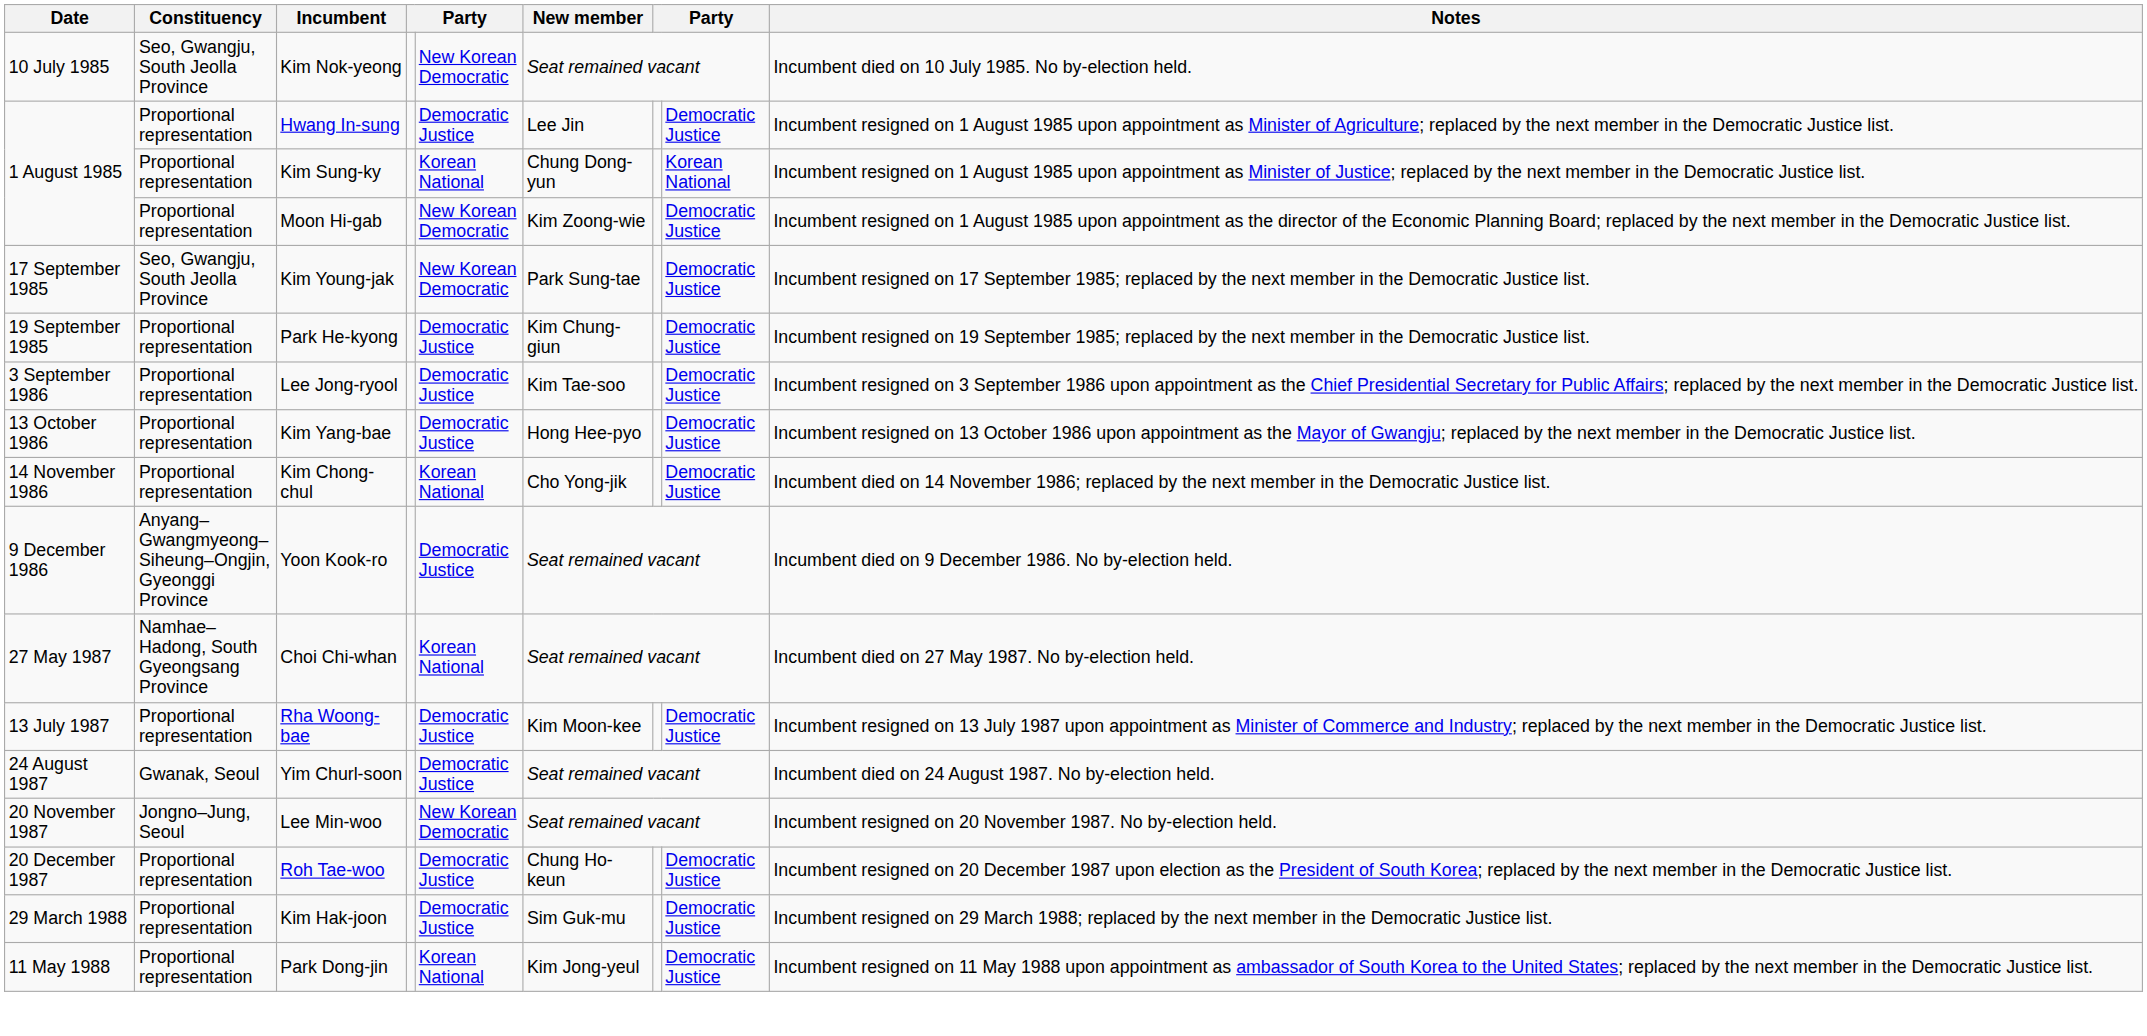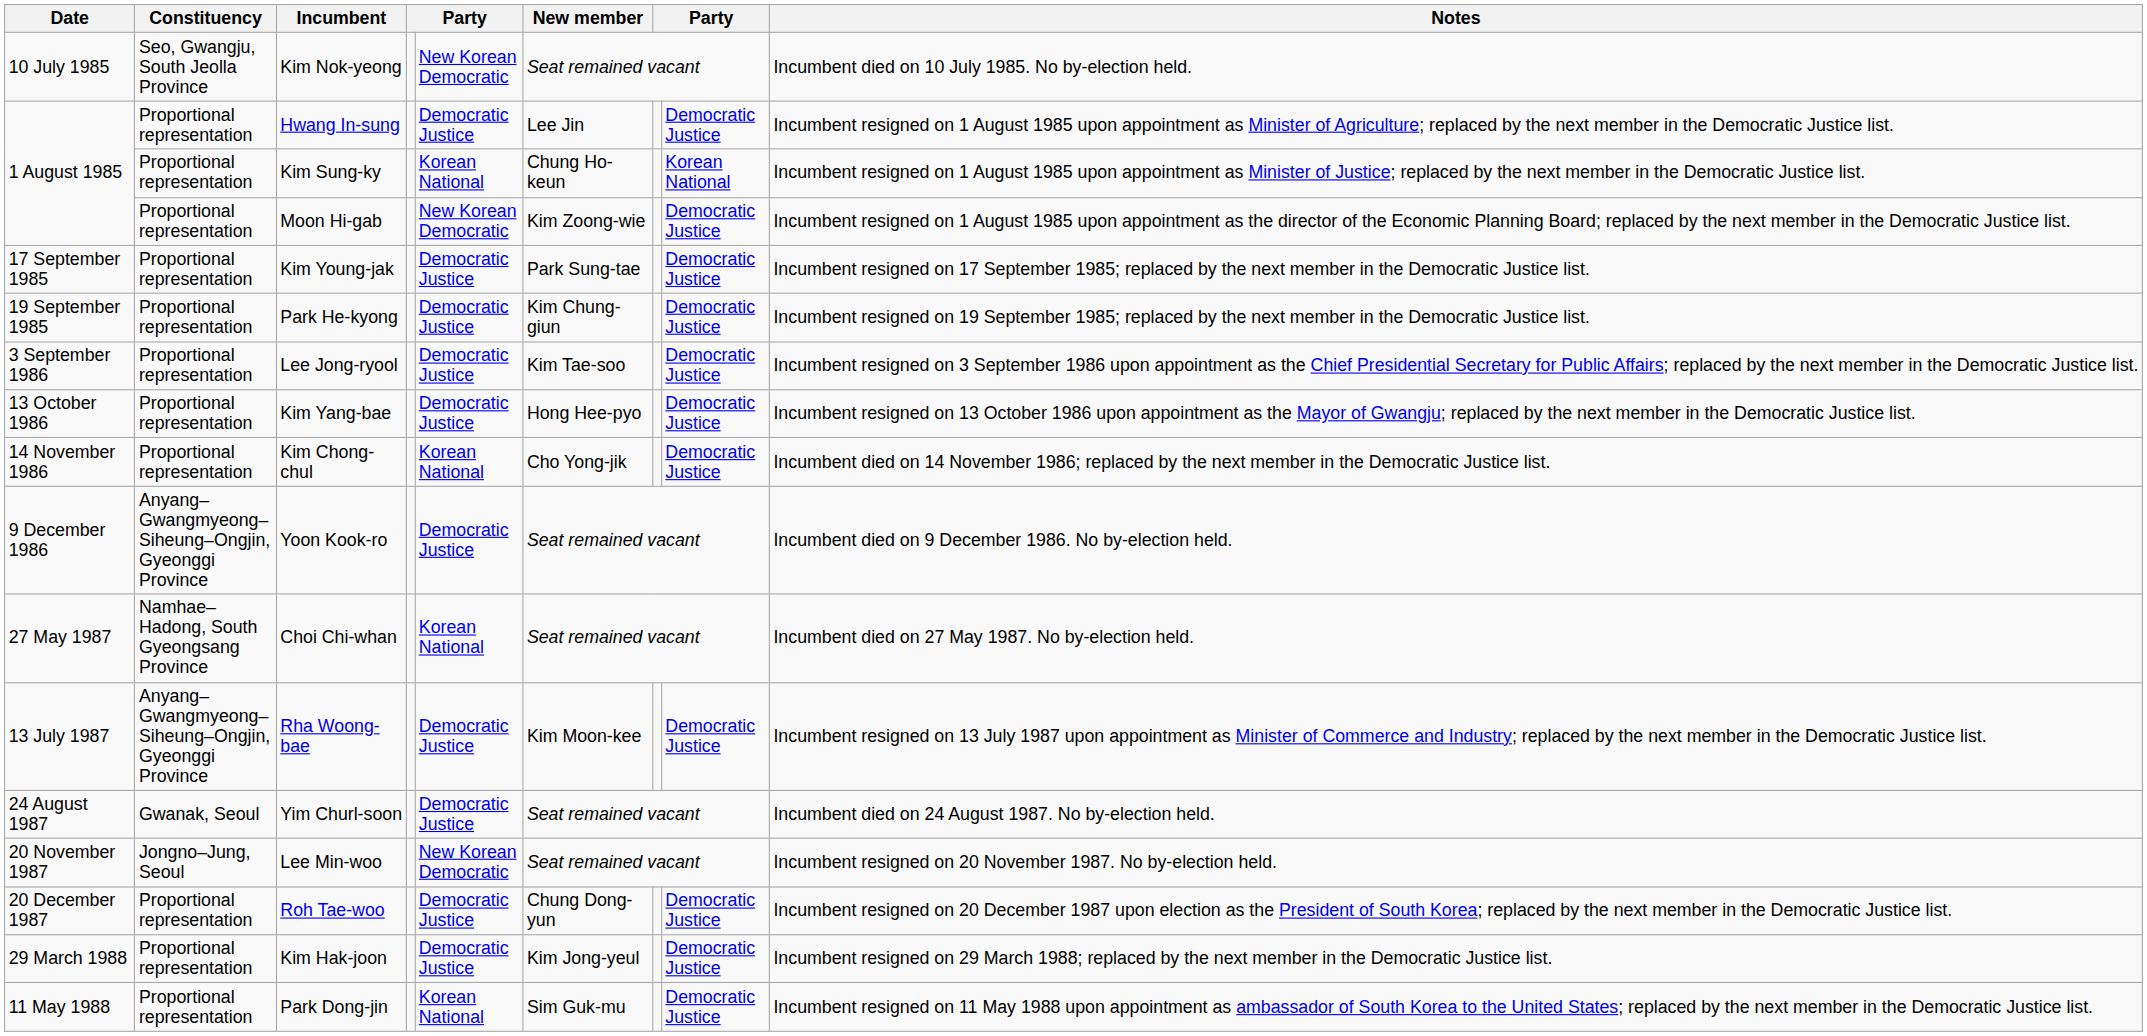 <table class="wikitable sortable plainrowheaders">
 <tr>
 <th width="110px">Date</th>
 <th width="120px">Constituency</th>
 <th width="110px">Incumbent</th>
 <th colspan="2">Party</th>
 <th width="110px">New member</th>
 <th colspan="2">Party</th>
 <th class="unsortable">Notes</th>
 </tr>
 <tr>
 <td>10 July 1985</td>
 <td>Seo, Gwangju, South Jeolla Province</td>
 <td>Kim Nok-yeong</td>
 <td></td>
 <td width="90px"><a href='#'>New Korean Democratic</a></td>
 <td colspan="3"><em>Seat remained vacant</em></td>
 <td>Incumbent died on 10 July 1985. No by-election held.</td>
 </tr>
 <tr>
 <td rowspan="3">1 August 1985</td>
 <td>Proportional representation</td>
 <td><a href='#'>Hwang In-sung</a></td>
 <td></td>
 <td><a href='#'>Democratic Justice</a></td>
 <td>Lee Jin</td>
 <td></td>
 <td width="90px"><a href='#'>Democratic Justice</a></td>
 <td>Incumbent resigned on 1 August 1985 upon appointment as <a href='#'>Minister of Agriculture</a>; replaced by the next member in the Democratic Justice list.</td>
 </tr>
 <tr>
 <td>Proportional representation</td>
 <td>Kim Sung-ky</td>
 <td></td>
 <td><a href='#'>Korean National</a></td>
-<td>Chung Dong-yun</td>
+<td>Chung Ho-keun</td>
 <td></td>
 <td><a href='#'>Korean National</a></td>
 <td>Incumbent resigned on 1 August 1985 upon appointment as <a href='#'>Minister of Justice</a>; replaced by the next member in the Democratic Justice list.</td>
 </tr>
 <tr>
 <td>Proportional representation</td>
 <td>Moon Hi-gab</td>
 <td></td>
 <td width="90px"><a href='#'>New Korean Democratic</a></td>
 <td>Kim Zoong-wie</td>
 <td></td>
 <td><a href='#'>Democratic Justice</a></td>
 <td>Incumbent resigned on 1 August 1985 upon appointment as the director of the Economic Planning Board; replaced by the next member in the Democratic Justice list.</td>
 </tr>
 <tr>
 <td>17 September 1985</td>
-<td>Seo, Gwangju, South Jeolla Province</td>
+<td>Proportional representation</td>
 <td>Kim Young-jak</td>
 <td></td>
-<td width="90px"><a href='#'>New Korean Democratic</a></td>
+<td><a href='#'>Democratic Justice</a></td>
 <td>Park Sung-tae</td>
 <td></td>
 <td><a href='#'>Democratic Justice</a></td>
 <td>Incumbent resigned on 17 September 1985; replaced by the next member in the Democratic Justice list.</td>
 </tr>
 <tr>
 <td>19 September 1985</td>
 <td>Proportional representation</td>
 <td>Park He-kyong</td>
 <td></td>
 <td><a href='#'>Democratic Justice</a></td>
 <td>Kim Chung-giun</td>
 <td></td>
 <td><a href='#'>Democratic Justice</a></td>
 <td>Incumbent resigned on 19 September 1985; replaced by the next member in the Democratic Justice list.</td>
 </tr>
 <tr>
 <td>3 September 1986</td>
 <td>Proportional representation</td>
 <td>Lee Jong-ryool</td>
 <td></td>
 <td><a href='#'>Democratic Justice</a></td>
 <td>Kim Tae-soo</td>
 <td></td>
 <td><a href='#'>Democratic Justice</a></td>
 <td>Incumbent resigned on 3 September 1986 upon appointment as the <a href='#'>Chief Presidential Secretary for Public Affairs</a>; replaced by the next member in the Democratic Justice list.</td>
 </tr>
 <tr>
 <td>13 October 1986</td>
 <td>Proportional representation</td>
 <td>Kim Yang-bae</td>
 <td></td>
 <td><a href='#'>Democratic Justice</a></td>
 <td>Hong Hee-pyo</td>
 <td></td>
 <td><a href='#'>Democratic Justice</a></td>
 <td>Incumbent resigned on 13 October 1986 upon appointment as the <a href='#'>Mayor of Gwangju</a>; replaced by the next member in the Democratic Justice list.</td>
 </tr>
 <tr>
 <td>14 November 1986</td>
 <td>Proportional representation</td>
 <td>Kim Chong-chul</td>
 <td></td>
 <td><a href='#'>Korean National</a></td>
 <td>Cho Yong-jik</td>
 <td></td>
 <td><a href='#'>Democratic Justice</a></td>
 <td>Incumbent died on 14 November 1986; replaced by the next member in the Democratic Justice list.</td>
 </tr>
 <tr>
 <td>9 December 1986</td>
 <td>Anyang–Gwangmyeong–Siheung–Ongjin, Gyeonggi Province</td>
 <td>Yoon Kook-ro</td>
 <td></td>
 <td><a href='#'>Democratic Justice</a></td>
 <td colspan="3"><em>Seat remained vacant</em></td>
 <td>Incumbent died on 9 December 1986. No by-election held.</td>
 </tr>
 <tr>
 <td>27 May 1987</td>
 <td>Namhae–Hadong, South Gyeongsang Province</td>
 <td>Choi Chi-whan</td>
 <td></td>
 <td><a href='#'>Korean National</a></td>
 <td colspan="3"><em>Seat remained vacant</em></td>
 <td>Incumbent died on 27 May 1987. No by-election held.</td>
 </tr>
 <tr>
 <td>13 July 1987</td>
-<td>Proportional representation</td>
+<td>Anyang–Gwangmyeong–Siheung–Ongjin, Gyeonggi Province</td>
 <td><a href='#'>Rha Woong-bae</a></td>
 <td></td>
 <td><a href='#'>Democratic Justice</a></td>
 <td>Kim Moon-kee</td>
 <td></td>
 <td><a href='#'>Democratic Justice</a></td>
 <td>Incumbent resigned on 13 July 1987 upon appointment as <a href='#'>Minister of Commerce and Industry</a>; replaced by the next member in the Democratic Justice list.</td>
 </tr>
 <tr>
 <td>24 August 1987</td>
 <td>Gwanak, Seoul</td>
 <td>Yim Churl-soon</td>
 <td></td>
 <td><a href='#'>Democratic Justice</a></td>
 <td colspan="3"><em>Seat remained vacant</em></td>
 <td>Incumbent died on 24 August 1987. No by-election held.</td>
 </tr>
 <tr>
 <td>20 November 1987</td>
 <td>Jongno–Jung, Seoul</td>
 <td>Lee Min-woo</td>
 <td></td>
 <td><a href='#'>New Korean Democratic</a></td>
 <td colspan="3"><em>Seat remained vacant</em></td>
 <td>Incumbent resigned on 20 November 1987. No by-election held.</td>
 </tr>
 <tr>
 <td>20 December 1987</td>
 <td>Proportional representation</td>
 <td><a href='#'>Roh Tae-woo</a></td>
 <td></td>
 <td><a href='#'>Democratic Justice</a></td>
-<td>Chung Ho-keun</td>
+<td>Chung Dong-yun</td>
 <td></td>
 <td><a href='#'>Democratic Justice</a></td>
 <td>Incumbent resigned on 20 December 1987 upon election as the <a href='#'>President of South Korea</a>; replaced by the next member in the Democratic Justice list.</td>
 </tr>
 <tr>
 <td>29 March 1988</td>
 <td>Proportional representation</td>
 <td>Kim Hak-joon</td>
 <td></td>
 <td><a href='#'>Democratic Justice</a></td>
-<td>Sim Guk-mu</td>
+<td>Kim Jong-yeul</td>
 <td></td>
 <td><a href='#'>Democratic Justice</a></td>
 <td>Incumbent resigned on 29 March 1988; replaced by the next member in the Democratic Justice list.</td>
 </tr>
 <tr>
 <td>11 May 1988</td>
 <td>Proportional representation</td>
 <td>Park Dong-jin</td>
 <td></td>
 <td><a href='#'>Korean National</a></td>
-<td>Kim Jong-yeul</td>
+<td>Sim Guk-mu</td>
 <td></td>
 <td><a href='#'>Democratic Justice</a></td>
 <td>Incumbent resigned on 11 May 1988 upon appointment as <a href='#'>ambassador of South Korea to the United States</a>; replaced by the next member in the Democratic Justice list.</td>
 </tr>
 </table>
